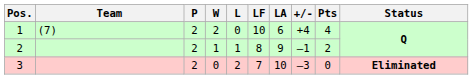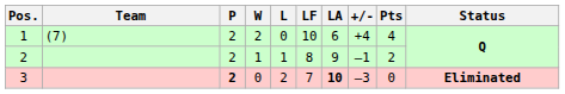 <table class="wikitable" style="text-align:center; margin: 1em auto 1em auto, align:left">
 <tr>
 <th width=20>Pos.</th>
 <th width=175>Team</th>
 <th width=20>P</th>
 <th width=20>W</th>
 <th width=20>L</th>
 <th width=20>LF</th>
 <th width=20>LA</th>
 <th width=20>+/-</th>
 <th width=20>Pts</th>
 <th width=150>Status</th>
 </tr>
 <tr style="background:#CCFFCC;">
 <td>1</td>
 <td style="text-align:left;"><strong></strong> (7)</td>
 <td>2</td>
 <td>2</td>
 <td>0</td>
 <td>10</td>
 <td>6</td>
 <td>+4</td>
 <td>4</td>
 <td rowspan=2><strong>Q</strong></td>
 </tr>
 <tr style="background:#CCFFCC;">
 <td>2</td>
 <td style="text-align:left;"><strong></strong></td>
 <td>2</td>
 <td>1</td>
 <td>1</td>
 <td>8</td>
 <td>9</td>
 <td>–1</td>
 <td>2</td>
 </tr>
 <tr style="background:#FFCCCC;">
 <td>3</td>
 <td style="text-align:left;"></td>
-<td>2</td>
+<td><strong>2</strong></td>
 <td>0</td>
 <td>2</td>
 <td>7</td>
-<td>10</td>
+<td><strong>10</strong></td>
 <td>–3</td>
 <td>0</td>
 <td><strong>Eliminated</strong></td>
 </tr>
 </table>
